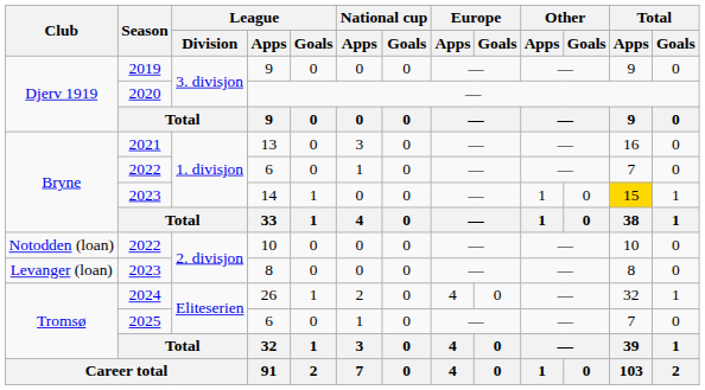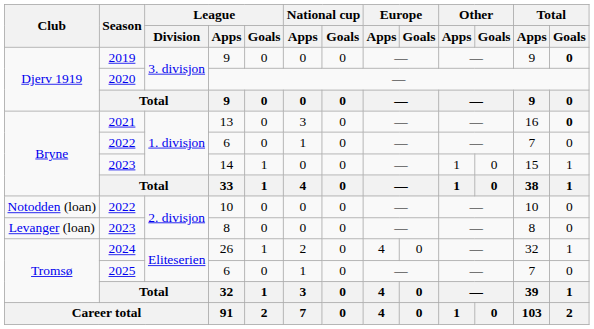 <table class="wikitable" style="text-align: center;">
 <tr>
 <th rowspan="2">Club</th>
 <th rowspan="2">Season</th>
 <th colspan="3">League</th>
 <th colspan="2">National cup</th>
 <th colspan="2">Europe</th>
 <th colspan="2">Other</th>
 <th colspan="2">Total</th>
 </tr>
 <tr>
 <th>Division</th>
 <th>Apps</th>
 <th>Goals</th>
 <th>Apps</th>
 <th>Goals</th>
 <th>Apps</th>
 <th>Goals</th>
 <th>Apps</th>
 <th>Goals</th>
 <th>Apps</th>
 <th>Goals</th>
 </tr>
 <tr>
 <td rowspan="3"><a href='#'>Djerv 1919</a></td>
 <td><a href='#'>2019</a></td>
 <td rowspan="2"><a href='#'>3. divisjon</a></td>
 <td>9</td>
 <td>0</td>
 <td>0</td>
 <td>0</td>
 <td colspan="2">—</td>
 <td colspan="2">—</td>
 <td>9</td>
-<td>0</td>
+<td><strong>0</strong></td>
 </tr>
 <tr>
 <td><a href='#'>2020</a></td>
 <td colspan="10">—</td>
 </tr>
 <tr>
 <th colspan="2">Total</th>
 <th>9</th>
 <th>0</th>
 <th>0</th>
 <th>0</th>
 <th colspan="2">—</th>
 <th colspan="2">—</th>
 <th>9</th>
 <th>0</th>
 </tr>
 <tr>
 <td rowspan="4"><a href='#'>Bryne</a></td>
 <td><a href='#'>2021</a></td>
 <td rowspan="3"><a href='#'>1. divisjon</a></td>
 <td>13</td>
 <td>0</td>
 <td>3</td>
 <td>0</td>
 <td colspan="2">—</td>
 <td colspan="2">—</td>
 <td>16</td>
-<td>0</td>
+<td><strong>0</strong></td>
 </tr>
 <tr>
 <td><a href='#'>2022</a></td>
 <td>6</td>
 <td>0</td>
 <td>1</td>
 <td>0</td>
 <td colspan="2">—</td>
 <td colspan="2">—</td>
 <td>7</td>
 <td>0</td>
 </tr>
 <tr>
 <td><a href='#'>2023</a></td>
 <td>14</td>
 <td>1</td>
 <td>0</td>
 <td>0</td>
 <td colspan="2">—</td>
 <td>1</td>
 <td>0</td>
-<td style="background: gold;">15</td>
+<td>15</td>
 <td>1</td>
 </tr>
 <tr>
 <th colspan="2">Total</th>
 <th>33</th>
 <th>1</th>
 <th>4</th>
 <th>0</th>
 <th colspan="2">—</th>
 <th>1</th>
 <th>0</th>
 <th>38</th>
 <th>1</th>
 </tr>
 <tr>
 <td><a href='#'>Notodden</a> (loan)</td>
 <td><a href='#'>2022</a></td>
 <td rowspan="2"><a href='#'>2. divisjon</a></td>
 <td>10</td>
 <td>0</td>
 <td>0</td>
 <td>0</td>
 <td colspan="2">—</td>
 <td colspan="2">—</td>
 <td>10</td>
 <td>0</td>
 </tr>
 <tr>
 <td><a href='#'>Levanger</a> (loan)</td>
 <td><a href='#'>2023</a></td>
 <td>8</td>
 <td>0</td>
 <td>0</td>
 <td>0</td>
 <td colspan="2">—</td>
 <td colspan="2">—</td>
 <td>8</td>
 <td>0</td>
 </tr>
 <tr>
 <td rowspan="3"><a href='#'>Tromsø</a></td>
 <td><a href='#'>2024</a></td>
 <td rowspan="2"><a href='#'>Eliteserien</a></td>
 <td>26</td>
 <td>1</td>
 <td>2</td>
 <td>0</td>
 <td>4</td>
 <td>0</td>
 <td colspan="2">—</td>
 <td>32</td>
 <td>1</td>
 </tr>
 <tr>
 <td><a href='#'>2025</a></td>
 <td>6</td>
 <td>0</td>
 <td>1</td>
 <td>0</td>
 <td colspan="2">—</td>
 <td colspan="2">—</td>
 <td>7</td>
 <td>0</td>
 </tr>
 <tr>
 <th colspan="2">Total</th>
 <th>32</th>
 <th>1</th>
 <th>3</th>
 <th>0</th>
 <th>4</th>
 <th>0</th>
 <th colspan="2">—</th>
 <th>39</th>
 <th>1</th>
 </tr>
 <tr>
 <th colspan="3">Career total</th>
 <th>91</th>
 <th>2</th>
 <th>7</th>
 <th>0</th>
 <th>4</th>
 <th>0</th>
 <th>1</th>
 <th>0</th>
 <th>103</th>
 <th>2</th>
 </tr>
 </table>
